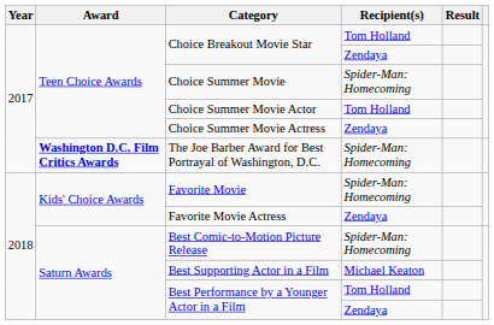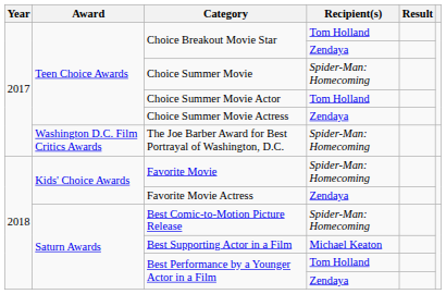 <table class="wikitable sortable" style="width: 99%;">
 <tr>
 <th scope="col">Year</th>
 <th scope="col">Award</th>
 <th scope="col">Category</th>
 <th scope="col">Recipient(s)</th>
 <th scope="col">Result</th>
 <th scope="col" class="unsortable"></th>
 </tr>
 <tr>
 <td rowspan="6">2017</td>
 <td rowspan="5"><a href='#'>Teen Choice Awards</a></td>
 <td rowspan="2">Choice Breakout Movie Star</td>
 <td><a href='#'>Tom Holland</a></td>
 <td></td>
 <td rowspan="5" style="text-align:center;"></td>
 </tr>
 <tr>
 <td><a href='#'>Zendaya</a></td>
 <td></td>
 </tr>
 <tr>
 <td>Choice Summer Movie</td>
 <td><em>Spider-Man: Homecoming</em></td>
 <td></td>
 </tr>
 <tr>
 <td>Choice Summer Movie Actor</td>
 <td><a href='#'>Tom Holland</a></td>
 <td></td>
 </tr>
 <tr>
 <td>Choice Summer Movie Actress</td>
 <td><a href='#'>Zendaya</a></td>
 <td></td>
 </tr>
 <tr>
-<td><strong><a href='#'>Washington D.C. Film Critics Awards</a></strong></td>
+<td><a href='#'>Washington D.C. Film Critics Awards</a></td>
 <td>The Joe Barber Award for Best Portrayal of Washington, D.C.</td>
 <td><em>Spider-Man: Homecoming</em></td>
 <td></td>
 <td style="text-align:center;"></td>
 </tr>
 <tr>
 <td rowspan="6">2018</td>
 <td rowspan="2"><a href='#'>Kids' Choice Awards</a></td>
 <td><a href='#'>Favorite Movie</a></td>
 <td><em>Spider-Man: Homecoming</em></td>
 <td></td>
 <td rowspan="2" style="text-align:center;"></td>
 </tr>
 <tr>
 <td>Favorite Movie Actress</td>
 <td><a href='#'>Zendaya</a></td>
 <td></td>
 </tr>
 <tr>
 <td rowspan="4"><a href='#'>Saturn Awards</a></td>
 <td><a href='#'>Best Comic-to-Motion Picture Release</a></td>
 <td><em>Spider-Man: Homecoming</em></td>
 <td></td>
 <td style="text-align:center;" rowspan="4"><br></td>
 </tr>
 <tr>
 <td><a href='#'>Best Supporting Actor in a Film</a></td>
 <td><a href='#'>Michael Keaton</a></td>
 <td></td>
 </tr>
 <tr>
 <td rowspan="2"><a href='#'>Best Performance by a Younger Actor in a Film</a></td>
 <td><a href='#'>Tom Holland</a></td>
 <td></td>
 </tr>
 <tr>
 <td><a href='#'>Zendaya</a></td>
 <td></td>
 </tr>
 </table>
